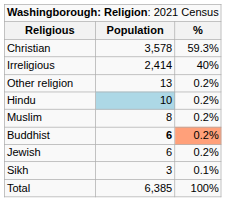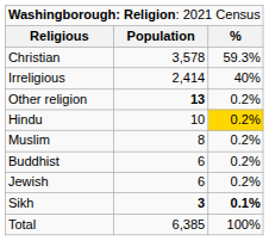 <table class="wikitable">
 <tr>
 <td colspan="14" style="text-align:right;"><strong>Washingborough: Religion</strong>: 2021 Census</td>
 </tr>
 <tr>
 <th>Religious</th>
 <th>Population</th>
 <th>%</th>
 </tr>
 <tr>
 <td>Christian</td>
 <td style="text-align:right;">3,578</td>
 <td style="text-align:right;">59.3%</td>
 </tr>
 <tr>
 <td>Irreligious</td>
 <td style="text-align:right;">2,414</td>
 <td style="text-align:right;">40%</td>
 </tr>
 <tr>
 <td>Other religion</td>
-<td style="text-align:right;">13</td>
+<td style="text-align:right;"><strong>13</strong></td>
 <td style="text-align:right;">0.2%</td>
 </tr>
 <tr>
 <td>Hindu</td>
-<td style="background: lightblue; text-align:right;">10</td>
-<td style="text-align:right;">0.2%</td>
+<td style="text-align:right;">10</td>
+<td style="background: gold; text-align:right;">0.2%</td>
 </tr>
 <tr>
 <td>Muslim</td>
 <td style="text-align:right;">8</td>
 <td style="text-align:right;">0.2%</td>
 </tr>
 <tr>
 <td>Buddhist</td>
-<td style="text-align:right;"><strong>6</strong></td>
-<td style="background: lightsalmon; text-align:right;">0.2%</td>
+<td style="text-align:right;">6</td>
+<td style="text-align:right;">0.2%</td>
 </tr>
 <tr>
 <td>Jewish</td>
 <td style="text-align:right;">6</td>
 <td style="text-align:right;">0.2%</td>
 </tr>
 <tr>
 <td>Sikh</td>
-<td style="text-align:right;">3</td>
-<td style="text-align:right;">0.1%</td>
+<td style="text-align:right;"><strong>3</strong></td>
+<td style="text-align:right;"><strong>0.1%</strong></td>
 </tr>
 <tr>
 <td>Total</td>
 <td style="text-align:right;">6,385</td>
 <td style="text-align:right;">100%</td>
 </tr>
 </table>
